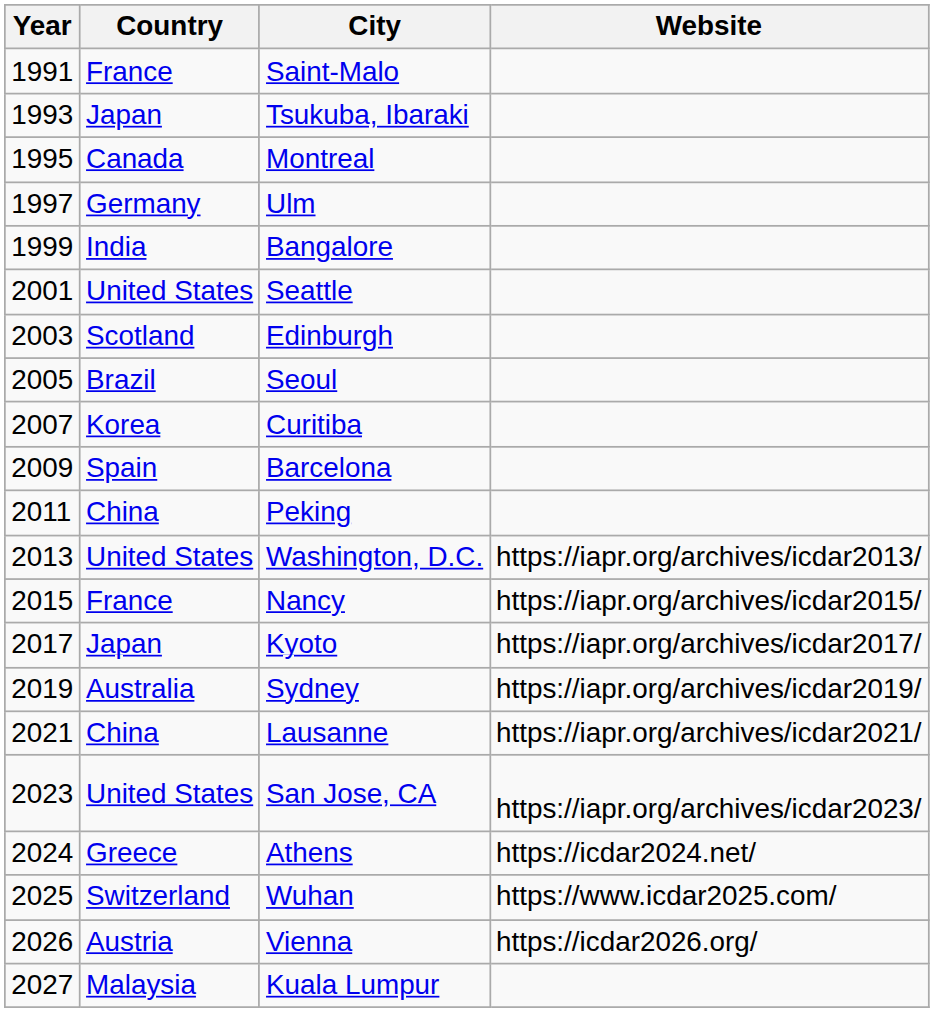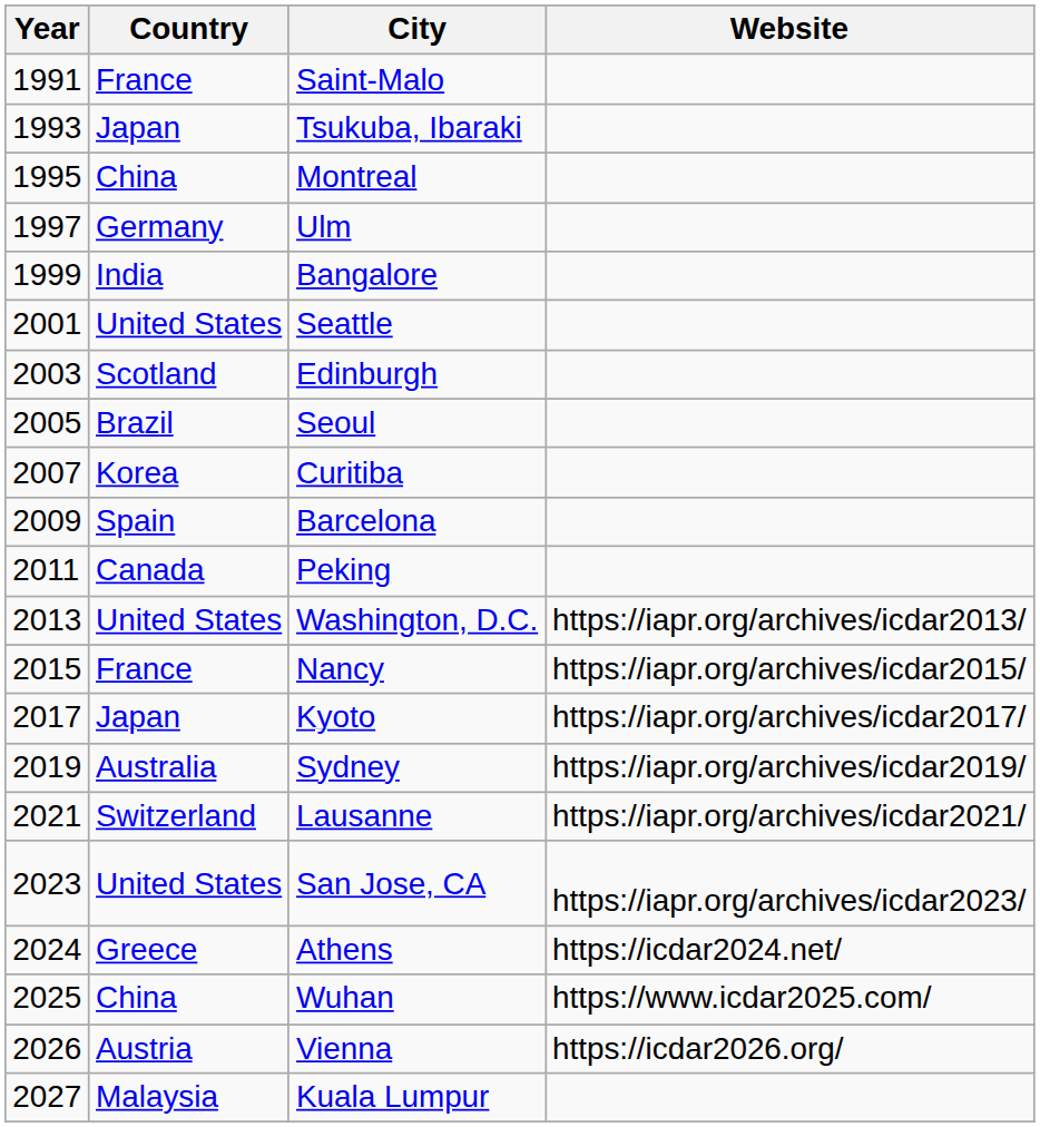 <table class="wikitable">
 <tr>
 <th>Year</th>
 <th>Country</th>
 <th>City</th>
 <th>Website</th>
 </tr>
 <tr>
 <td>1991</td>
 <td> <a href='#'>France</a></td>
 <td><a href='#'>Saint-Malo</a></td>
 <td></td>
 </tr>
 <tr>
 <td>1993</td>
 <td> <a href='#'>Japan</a></td>
 <td><a href='#'>Tsukuba, Ibaraki</a></td>
 <td></td>
 </tr>
 <tr>
 <td>1995</td>
-<td> <a href='#'>Canada</a></td>
+<td> <a href='#'>China</a></td>
 <td><a href='#'>Montreal</a></td>
 <td></td>
 </tr>
 <tr>
 <td>1997</td>
 <td> <a href='#'>Germany</a></td>
 <td><a href='#'>Ulm</a></td>
 <td></td>
 </tr>
 <tr>
 <td>1999</td>
 <td> <a href='#'>India</a></td>
 <td><a href='#'>Bangalore</a></td>
 <td></td>
 </tr>
 <tr>
 <td>2001</td>
 <td> <a href='#'>United States</a></td>
 <td><a href='#'>Seattle</a></td>
 <td></td>
 </tr>
 <tr>
 <td>2003</td>
 <td> <a href='#'>Scotland</a></td>
 <td><a href='#'>Edinburgh</a></td>
 <td></td>
 </tr>
 <tr>
 <td>2005</td>
 <td> <a href='#'>Brazil</a></td>
 <td><a href='#'>Seoul</a></td>
 <td></td>
 </tr>
 <tr>
 <td>2007</td>
 <td> <a href='#'>Korea</a></td>
 <td><a href='#'>Curitiba</a></td>
 <td></td>
 </tr>
 <tr>
 <td>2009</td>
 <td> <a href='#'>Spain</a></td>
 <td><a href='#'>Barcelona</a></td>
 <td></td>
 </tr>
 <tr>
 <td>2011</td>
-<td> <a href='#'>China</a></td>
+<td> <a href='#'>Canada</a></td>
 <td><a href='#'>Peking</a></td>
 <td></td>
 </tr>
 <tr>
 <td>2013</td>
 <td> <a href='#'>United States</a></td>
 <td><a href='#'>Washington, D.C.</a></td>
 <td>https://iapr.org/archives/icdar2013/</td>
 </tr>
 <tr>
 <td>2015</td>
 <td> <a href='#'>France</a></td>
 <td><a href='#'>Nancy</a></td>
 <td>https://iapr.org/archives/icdar2015/</td>
 </tr>
 <tr>
 <td>2017</td>
 <td> <a href='#'>Japan</a></td>
 <td><a href='#'>Kyoto</a></td>
 <td>https://iapr.org/archives/icdar2017/</td>
 </tr>
 <tr>
 <td>2019</td>
 <td> <a href='#'>Australia</a></td>
 <td><a href='#'>Sydney</a></td>
 <td>https://iapr.org/archives/icdar2019/</td>
 </tr>
 <tr>
 <td>2021</td>
-<td> <a href='#'>China</a></td>
+<td> <a href='#'>Switzerland</a></td>
 <td><a href='#'>Lausanne</a></td>
 <td>https://iapr.org/archives/icdar2021/</td>
 </tr>
 <tr>
 <td>2023</td>
 <td> <a href='#'>United States</a></td>
 <td><a href='#'>San Jose, CA</a></td>
 <td><br>https://iapr.org/archives/icdar2023/</td>
 </tr>
 <tr>
 <td>2024</td>
 <td> <a href='#'>Greece</a></td>
 <td><a href='#'>Athens</a></td>
 <td>https://icdar2024.net/</td>
 </tr>
 <tr>
 <td>2025</td>
-<td> <a href='#'>Switzerland</a></td>
+<td> <a href='#'>China</a></td>
 <td><a href='#'>Wuhan</a></td>
 <td>https://www.icdar2025.com/</td>
 </tr>
 <tr>
 <td>2026</td>
 <td> <a href='#'>Austria</a></td>
 <td><a href='#'>Vienna</a></td>
 <td>https://icdar2026.org/</td>
 </tr>
 <tr>
 <td>2027</td>
 <td> <a href='#'>Malaysia</a></td>
 <td><a href='#'>Kuala Lumpur</a></td>
 </tr>
 </table>
